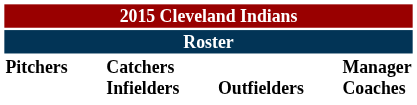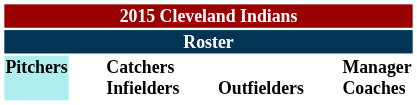 <table class="toccolours" style="font-size: 95%;">
 <tr>
 <th colspan="10" style="background-color: #990000; color: white; text-align: center;">2015 Cleveland Indians</th>
 </tr>
 <tr>
 <td colspan="10" style="background-color: #023456; color: #FFFFFF; text-align: center;"><strong>Roster</strong></td>
 </tr>
 <tr>
-<td valign="top"><strong>Pitchers</strong><br>                        </td>
+<td valign="top" style="background: paleturquoise;"><strong>Pitchers</strong><br>                        </td>
 <td width="25px"></td>
 <td valign="top"><strong>Catchers</strong><br>    <strong>Infielders</strong>          </td>
 <td width="25px"></td>
 <td valign="top"><br><strong>Outfielders</strong>          </td>
 <td width="25px"></td>
 <td valign="top"><strong>Manager</strong><br> <strong>Coaches</strong>                      </td>
 </tr>
 </table>
